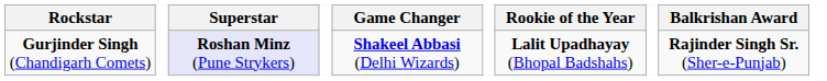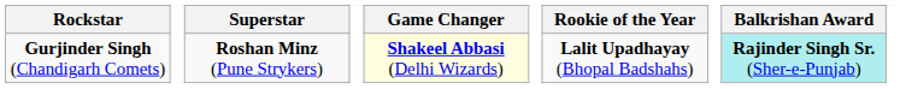 <table class=wikitable style="text-align:center; border:none">
 <tr>
 <th width=140><span>Rockstar</span></th>
 <th rowspan="3" width="5" style="border:none; background:white"></th>
 <th width=140><span>Superstar</span></th>
 <th rowspan="3" width="5" style="border:none; background:white"></th>
 <th width=140><span>Game Changer</span></th>
 <th rowspan="3" width="5" style="border:none; background:white"></th>
 <th width=140><span>Rookie of the Year</span></th>
 <th rowspan="3" width="5" style="border:none; background:white"></th>
 <th width=140><span>Balkrishan Award</span></th>
 <th rowspan="3" width="5" style="border:none; background:white"></th>
 </tr>
 <tr>
 <td><strong>Gurjinder Singh</strong> <br> (<a href='#'>Chandigarh Comets</a>)</td>
-<td style="background: lavender;"><strong>Roshan Minz</strong> <br> (<a href='#'>Pune Strykers</a>)</td>
-<td><strong><a href='#'>Shakeel Abbasi</a></strong> <br> (<a href='#'>Delhi Wizards</a>)</td>
+<td><strong>Roshan Minz</strong> <br> (<a href='#'>Pune Strykers</a>)</td>
+<td style="background: lightyellow;"><strong><a href='#'>Shakeel Abbasi</a></strong> <br> (<a href='#'>Delhi Wizards</a>)</td>
 <td><strong>Lalit Upadhayay</strong> <br> (<a href='#'>Bhopal Badshahs</a>)</td>
-<td><strong>Rajinder Singh Sr.</strong> <br> (<a href='#'>Sher-e-Punjab</a>)</td>
+<td style="background: paleturquoise;"><strong>Rajinder Singh Sr.</strong> <br> (<a href='#'>Sher-e-Punjab</a>)</td>
 </tr>
 </table>
